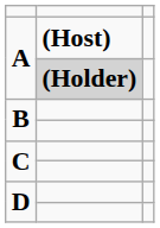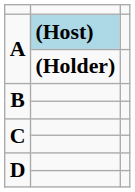 <table class="wikitable" style="text-align: center;">
 <tr>
 <td></td>
 <td></td>
 <td></td>
 </tr>
 <tr>
 <td rowspan="2"><strong>A</strong></td>
-<td align="left"> <strong>(Host)</strong></td>
+<td align="left" style="background: lightblue;"> <strong>(Host)</strong></td>
 <td align="left"></td>
 </tr>
 <tr>
-<td align="left" style="background: lightgrey;"> <strong>(Holder)</strong></td>
+<td align="left"> <strong>(Holder)</strong></td>
 <td align="left"></td>
 </tr>
 <tr>
 <td rowspan="2"><strong>B</strong></td>
 <td align="left"></td>
 <td align="left"></td>
 </tr>
 <tr>
 <td align="left"></td>
 <td align="left"></td>
 </tr>
 <tr>
 <td rowspan="2"><strong>C</strong></td>
 <td align="left"></td>
 <td align="left"></td>
 </tr>
 <tr>
 <td align="left"></td>
 <td align="left"></td>
 </tr>
 <tr>
 <td rowspan="2"><strong>D</strong></td>
 <td align="left"></td>
 <td align="left"></td>
 </tr>
 <tr>
 <td align="left"></td>
 <td align="left"></td>
 </tr>
 </table>
